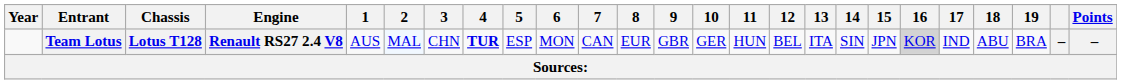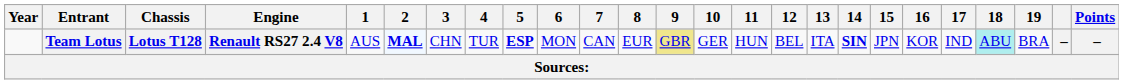 <table class="wikitable" style="text-align:center; font-size:85%">
 <tr>
 <th>Year</th>
 <th>Entrant</th>
 <th>Chassis</th>
 <th>Engine</th>
 <th>1</th>
 <th>2</th>
 <th>3</th>
 <th>4</th>
 <th>5</th>
 <th>6</th>
 <th>7</th>
 <th>8</th>
 <th>9</th>
 <th>10</th>
 <th>11</th>
 <th>12</th>
 <th>13</th>
 <th>14</th>
 <th>15</th>
 <th>16</th>
 <th>17</th>
 <th>18</th>
 <th>19</th>
 <th></th>
 <th><a href='#'>Points</a></th>
 </tr>
 <tr>
 <td></td>
 <th nowrap><a href='#'>Team Lotus</a></th>
 <th nowrap><a href='#'>Lotus T128</a></th>
 <th nowrap><a href='#'>Renault</a> RS27 2.4 <a href='#'>V8</a></th>
 <td><a href='#'>AUS</a></td>
-<td style="background:#F1F8FF;"><a href='#'>MAL</a><br></td>
+<td style="background:#F1F8FF;"><strong><a href='#'>MAL</a><br></strong></td>
 <td><a href='#'>CHN</a></td>
-<td><strong><a href='#'>TUR</a></strong></td>
-<td><a href='#'>ESP</a></td>
+<td><a href='#'>TUR</a></td>
+<td><strong><a href='#'>ESP</a></strong></td>
 <td><a href='#'>MON</a></td>
 <td><a href='#'>CAN</a></td>
 <td><a href='#'>EUR</a></td>
-<td><a href='#'>GBR</a></td>
+<td style="background: khaki;"><a href='#'>GBR</a></td>
 <td><a href='#'>GER</a></td>
 <td><a href='#'>HUN</a></td>
 <td><a href='#'>BEL</a></td>
 <td><a href='#'>ITA</a></td>
-<td><a href='#'>SIN</a></td>
+<td><strong><a href='#'>SIN</a></strong></td>
 <td><a href='#'>JPN</a></td>
-<td style="background: lightgrey;"><a href='#'>KOR</a></td>
+<td><a href='#'>KOR</a></td>
 <td><a href='#'>IND</a></td>
-<td><a href='#'>ABU</a></td>
+<td style="background: paleturquoise;"><a href='#'>ABU</a></td>
 <td><a href='#'>BRA</a></td>
 <th> –</th>
 <th> –</th>
 </tr>
 <tr>
 <th colspan="25">Sources:</th>
 </tr>
 </table>
